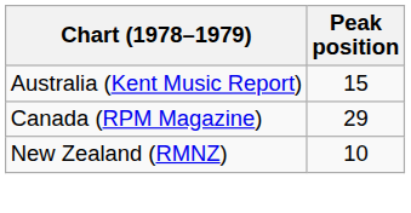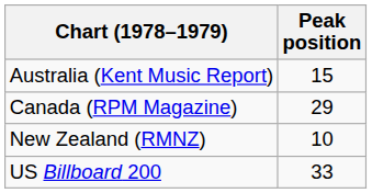 <table class="wikitable">
 <tr>
 <th scope="col">Chart (1978–1979)</th>
 <th>Peak<br>position</th>
 </tr>
 <tr>
 <td>Australia (<a href='#'>Kent Music Report</a>)</td>
 <td style="text-align:center;">15</td>
 </tr>
 <tr>
 <td>Canada (<a href='#'>RPM Magazine</a>)</td>
 <td style="text-align:center;">29</td>
 </tr>
 <tr>
 <td>New Zealand (<a href='#'>RMNZ</a>)</td>
 <td style="text-align:center;">10</td>
 </tr>
+<tr>
+<td>US <a href='#'><em>Billboard</em> 200</a></td>
+<td style="text-align:center;">33</td>
+</tr>
 </table>
